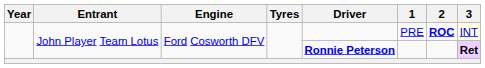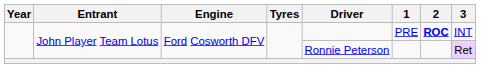 <table class="wikitable" style="text-align:center; font-size:95%">
 <tr>
 <th>Year</th>
 <th>Entrant</th>
 <th>Engine</th>
 <th>Tyres</th>
 <th>Driver</th>
 <th>1</th>
 <th>2</th>
 <th>3</th>
 </tr>
 <tr>
 <td rowspan="2"></td>
 <td rowspan="2"><a href='#'>John Player</a> <a href='#'>Team Lotus</a></td>
 <td rowspan="2"><a href='#'>Ford</a> <a href='#'>Cosworth DFV</a></td>
 <td rowspan="2"></td>
 <td></td>
 <td><a href='#'>PRE</a></td>
 <td><strong><a href='#'>ROC</a></strong></td>
-<td style="background: lightyellow;"><a href='#'>INT</a></td>
+<td><a href='#'>INT</a></td>
 </tr>
 <tr>
-<td><strong><a href='#'>Ronnie Peterson</a></strong></td>
+<td><a href='#'>Ronnie Peterson</a></td>
 <td></td>
 <td></td>
-<td style="background:#EFCFFF;"><strong>Ret</strong></td>
+<td style="background:#EFCFFF;">Ret</td>
 </tr>
 <tr>
 <th colspan="8"></th>
 </tr>
 </table>
